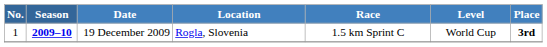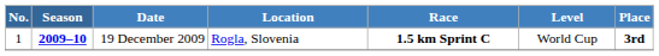 <table class="wikitable sortable" style="font-size:95%; text-align:center; border:grey solid 1px; border-collapse:collapse; background:#ffffff;">
 <tr style="background:#efefef;">
 <th style="background-color:#369; color:white;">No.</th>
 <th style="background-color:#369; color:white;">Season</th>
 <th style="background-color:#4180be; color:white; width:120px;">Date</th>
 <th style="background-color:#4180be; color:white; width:170px;">Location</th>
 <th style="background-color:#4180be; color:white; width:160px;">Race</th>
 <th style="background-color:#4180be; color:white; width:100px;">Level</th>
 <th style="background-color:#4180be; color:white;">Place</th>
 </tr>
 <tr>
 <td align=center>1</td>
 <td rowspan=1 align=center><strong> <a href='#'>2009–10</a> </strong></td>
 <td align=right>19 December 2009</td>
 <td align=left> <a href='#'>Rogla</a>, Slovenia</td>
-<td>1.5 km Sprint C</td>
+<td><strong>1.5 km Sprint C</strong></td>
 <td>World Cup</td>
 <td><strong>3rd</strong></td>
 </tr>
 <tr>
 </tr>
 </table>
